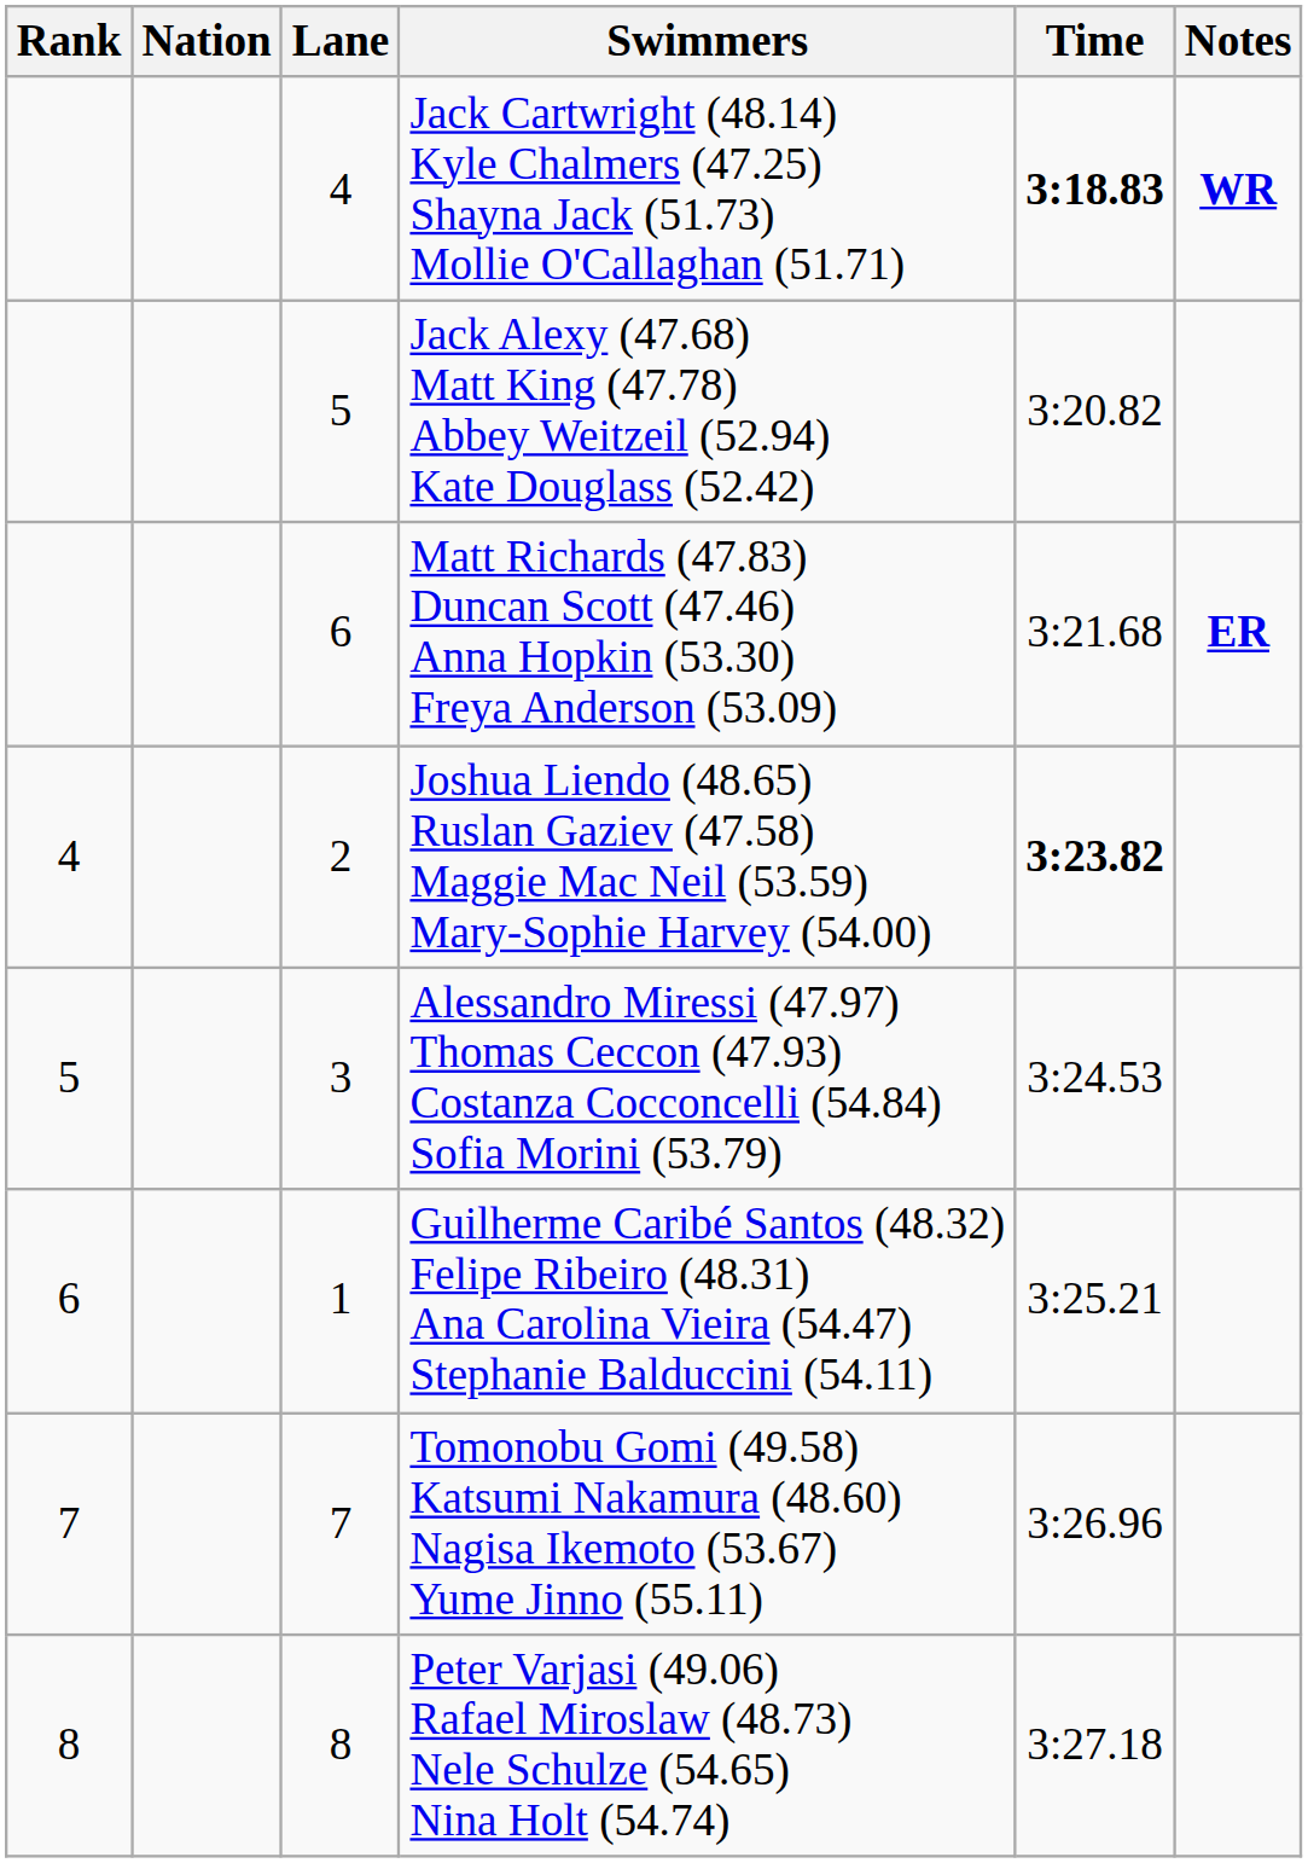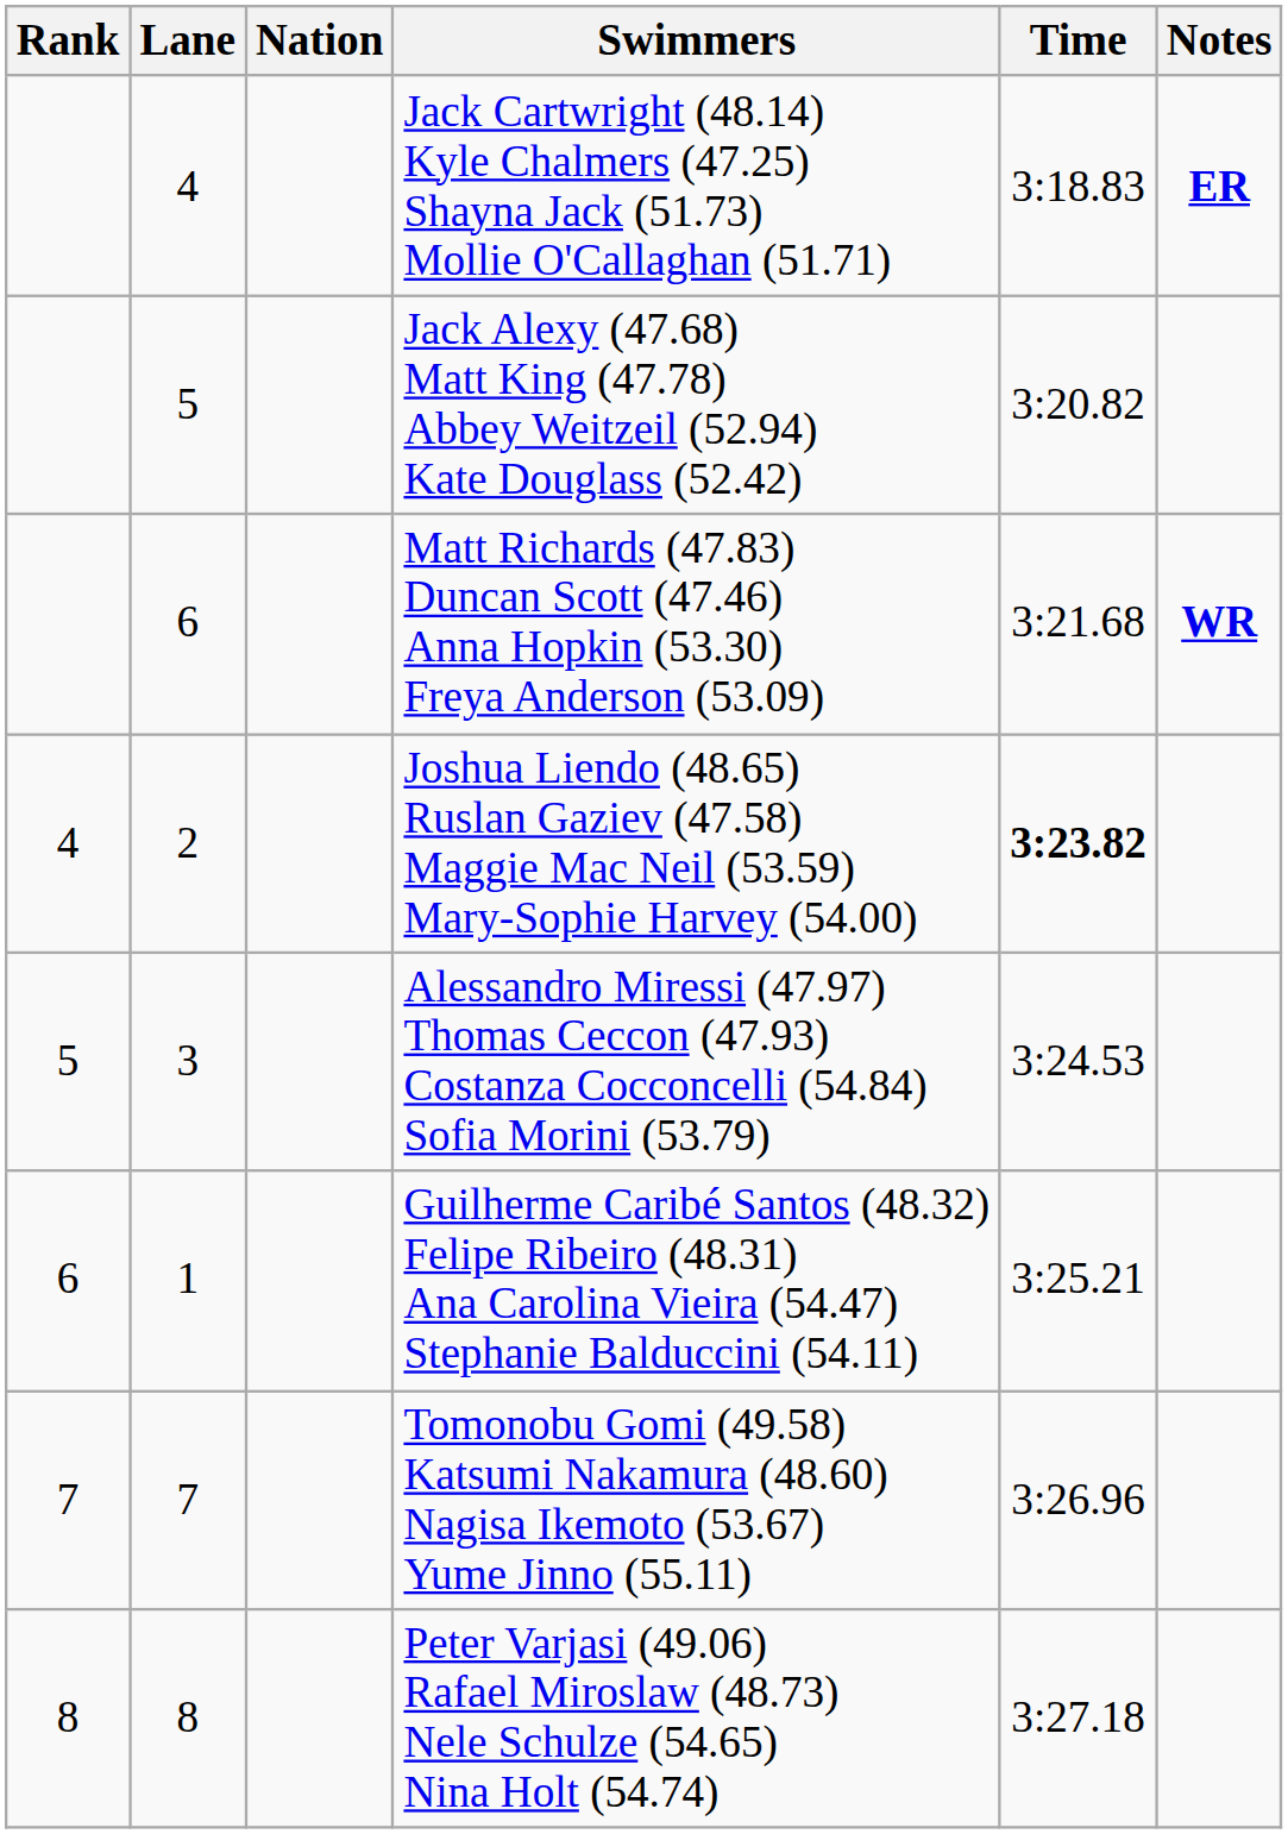 <table class="wikitable sortable" style="text-align:center">
 <tr>
 <th>Rank</th>
+<th>Lane</th>
 <th>Nation</th>
-<th>Lane</th>
 <th>Swimmers</th>
 <th>Time</th>
 <th>Notes</th>
 </tr>
 <tr>
 <td></td>
+<td>4</td>
 <td align=left></td>
-<td>4</td>
 <td align=left><a href='#'>Jack Cartwright</a> (48.14)<br><a href='#'>Kyle Chalmers</a> (47.25)<br><a href='#'>Shayna Jack</a> (51.73)<br><a href='#'>Mollie O'Callaghan</a> (51.71)</td>
-<td><strong>3:18.83</strong></td>
-<td><strong><a href='#'>WR</a></strong></td>
+<td>3:18.83</td>
+<td><strong><a href='#'>ER</a></strong></td>
 </tr>
 <tr>
 <td></td>
+<td>5</td>
 <td align=left></td>
-<td>5</td>
 <td align=left><a href='#'>Jack Alexy</a> (47.68)<br><a href='#'>Matt King</a> (47.78)<br><a href='#'>Abbey Weitzeil</a> (52.94)<br><a href='#'>Kate Douglass</a> (52.42)</td>
 <td>3:20.82</td>
 <td></td>
 </tr>
 <tr>
 <td></td>
+<td>6</td>
 <td align=left></td>
-<td>6</td>
 <td align=left><a href='#'>Matt Richards</a> (47.83)<br><a href='#'>Duncan Scott</a> (47.46)<br><a href='#'>Anna Hopkin</a> (53.30)<br><a href='#'>Freya Anderson</a> (53.09)</td>
 <td>3:21.68</td>
-<td><strong><a href='#'>ER</a></strong></td>
+<td><strong><a href='#'>WR</a></strong></td>
 </tr>
 <tr>
 <td>4</td>
+<td>2</td>
 <td align=left></td>
-<td>2</td>
 <td align=left><a href='#'>Joshua Liendo</a> (48.65)<br><a href='#'>Ruslan Gaziev</a> (47.58)<br><a href='#'>Maggie Mac Neil</a> (53.59)<br><a href='#'>Mary-Sophie Harvey</a> (54.00)</td>
 <td><strong>3:23.82</strong></td>
 <td></td>
 </tr>
 <tr>
 <td>5</td>
+<td>3</td>
 <td align=left></td>
-<td>3</td>
 <td align=left><a href='#'>Alessandro Miressi</a> (47.97)<br><a href='#'>Thomas Ceccon</a> (47.93)<br><a href='#'>Costanza Cocconcelli</a> (54.84)<br><a href='#'>Sofia Morini</a> (53.79)</td>
 <td>3:24.53</td>
 <td></td>
 </tr>
 <tr>
 <td>6</td>
+<td>1</td>
 <td align=left></td>
-<td>1</td>
 <td align=left><a href='#'>Guilherme Caribé Santos</a> (48.32)<br><a href='#'>Felipe Ribeiro</a> (48.31)<br><a href='#'>Ana Carolina Vieira</a> (54.47)<br><a href='#'>Stephanie Balduccini</a> (54.11)</td>
 <td>3:25.21</td>
 <td></td>
 </tr>
 <tr>
 <td>7</td>
+<td>7</td>
 <td align=left></td>
-<td>7</td>
 <td align=left><a href='#'>Tomonobu Gomi</a> (49.58)<br><a href='#'>Katsumi Nakamura</a> (48.60)<br><a href='#'>Nagisa Ikemoto</a> (53.67)<br><a href='#'>Yume Jinno</a> (55.11)</td>
 <td>3:26.96</td>
 <td></td>
 </tr>
 <tr>
 <td>8</td>
+<td>8</td>
 <td align=left></td>
-<td>8</td>
 <td align=left><a href='#'>Peter Varjasi</a> (49.06)<br><a href='#'>Rafael Miroslaw</a> (48.73)<br><a href='#'>Nele Schulze</a> (54.65)<br><a href='#'>Nina Holt</a> (54.74)</td>
 <td>3:27.18</td>
 <td></td>
 </tr>
 </table>
